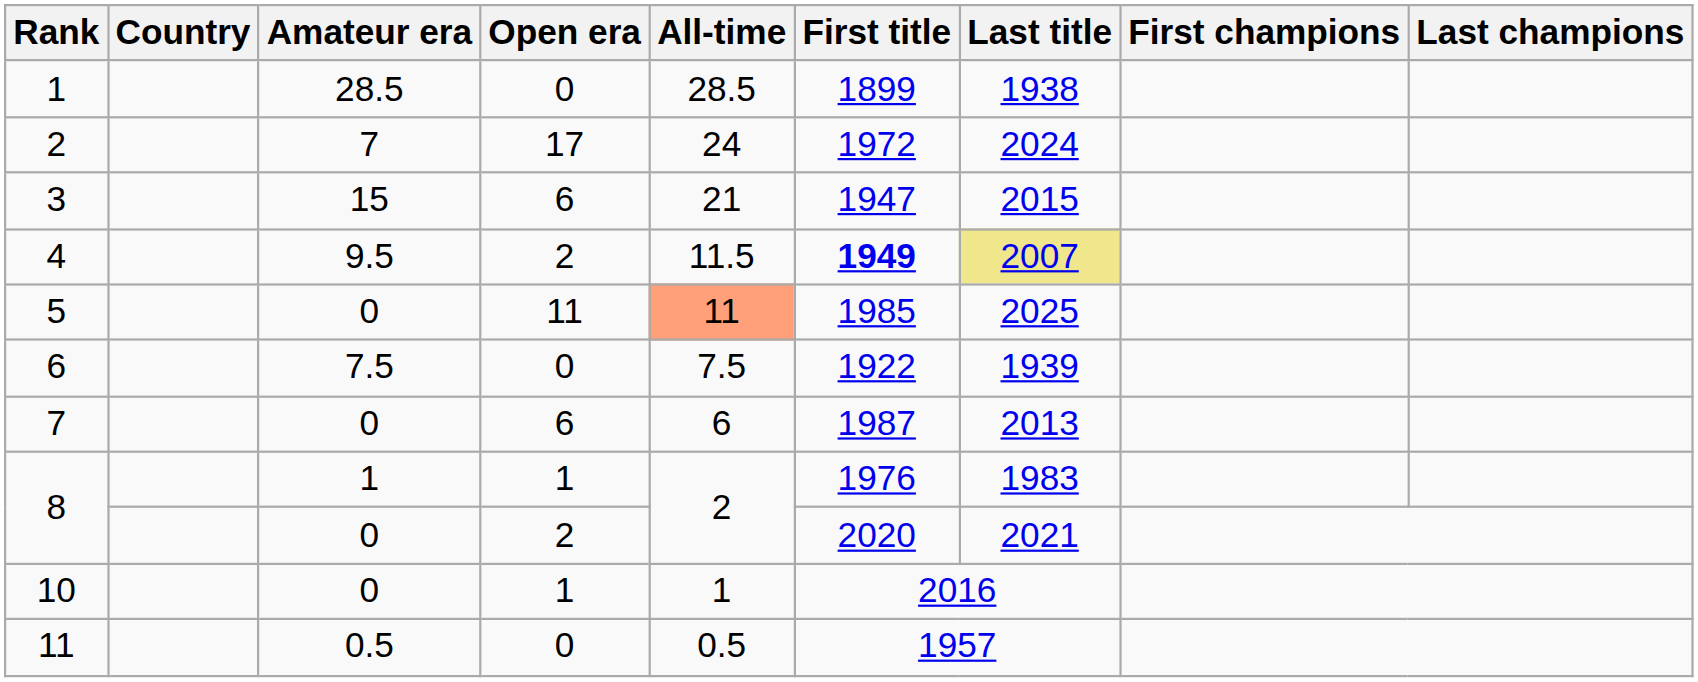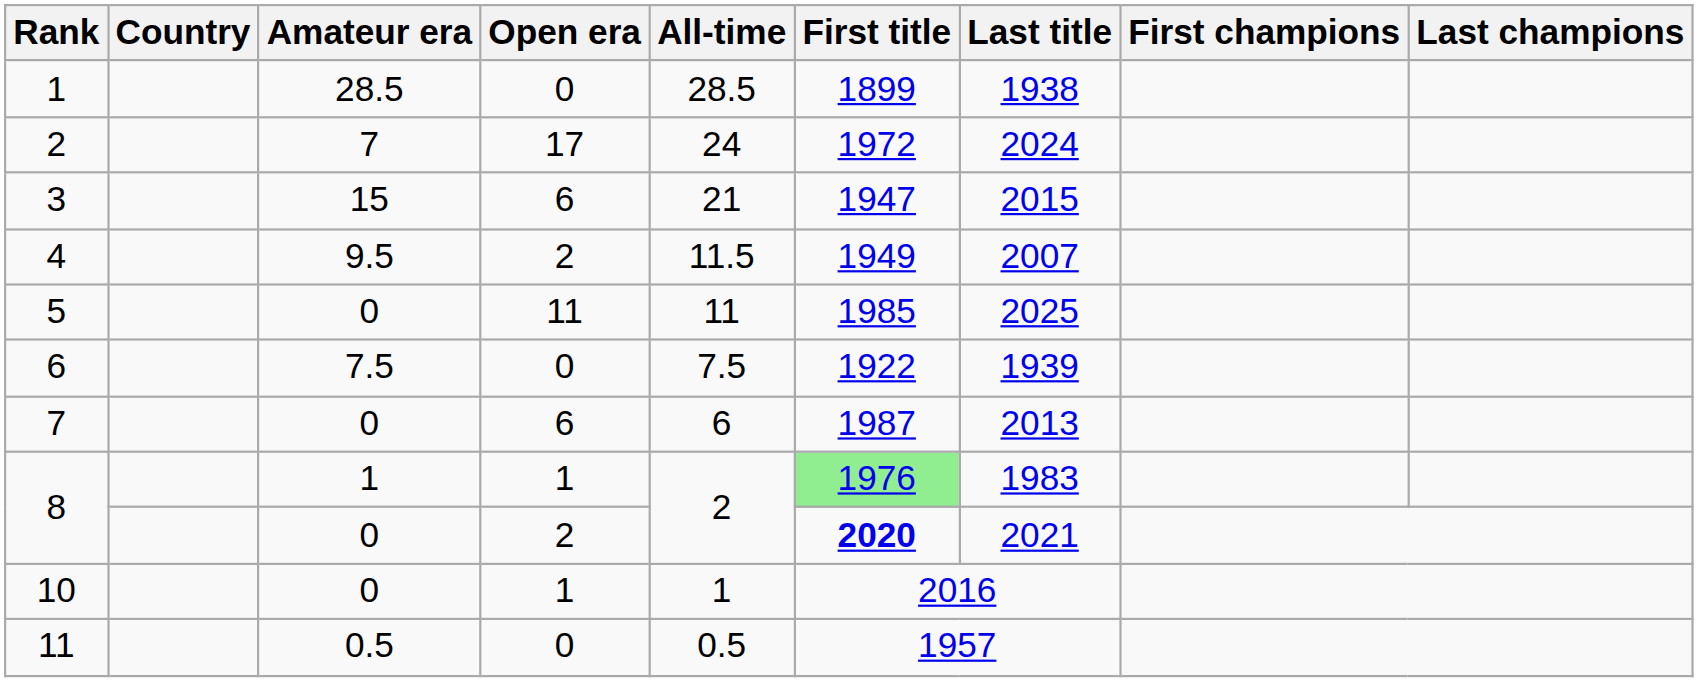 <table class="wikitable sortable">
 <tr>
 <th>Rank</th>
 <th>Country</th>
 <th>Amateur era</th>
 <th>Open era</th>
 <th>All-time</th>
 <th>First title</th>
 <th>Last title</th>
 <th>First champions</th>
 <th>Last champions</th>
 </tr>
 <tr>
 <td align=center>1</td>
 <td></td>
 <td align=center>28.5</td>
 <td align=center>0</td>
 <td align=center>28.5</td>
 <td align=center><a href='#'>1899</a></td>
 <td align=center><a href='#'>1938</a></td>
 <td><br></td>
 <td><br></td>
 </tr>
 <tr>
 <td align=center>2</td>
 <td></td>
 <td align=center>7</td>
 <td align=center>17</td>
 <td align=center>24</td>
 <td align=center><a href='#'>1972</a></td>
 <td align=center><a href='#'>2024</a></td>
 <td><br></td>
 <td><br></td>
 </tr>
 <tr>
 <td align=center>3</td>
 <td></td>
 <td align=center>15</td>
 <td align=center>6</td>
 <td align=center>21</td>
 <td align=center><a href='#'>1947</a></td>
 <td align=center><a href='#'>2015</a></td>
 <td><br></td>
 <td><br></td>
 </tr>
 <tr>
 <td align=center>4</td>
 <td></td>
 <td align=center>9.5</td>
 <td align=center>2</td>
 <td align=center>11.5</td>
-<td align=center><strong><a href='#'>1949</a></strong></td>
-<td align=center style="background: khaki;"><a href='#'>2007</a></td>
+<td align=center><a href='#'>1949</a></td>
+<td align=center><a href='#'>2007</a></td>
 <td><br></td>
 <td><br></td>
 </tr>
 <tr>
 <td align=center>5</td>
 <td></td>
 <td align=center>0</td>
 <td align=center>11</td>
-<td align=center style="background: lightsalmon;">11</td>
+<td align=center>11</td>
 <td align=center><a href='#'>1985</a></td>
 <td align=center><a href='#'>2025</a></td>
 <td><br></td>
 <td><br></td>
 </tr>
 <tr>
 <td align=center>6</td>
 <td></td>
 <td align=center>7.5</td>
 <td align=center>0</td>
 <td align=center>7.5</td>
 <td align=center><a href='#'>1922</a></td>
 <td align=center><a href='#'>1939</a></td>
 <td><br> </td>
 <td><br></td>
 </tr>
 <tr>
 <td align=center>7</td>
 <td></td>
 <td align=center>0</td>
 <td align=center>6</td>
 <td align=center>6</td>
 <td align=center><a href='#'>1987</a></td>
 <td align=center><a href='#'>2013</a></td>
 <td><br></td>
 <td><br></td>
 </tr>
 <tr>
 <td rowspan="2" align=center>8</td>
 <td></td>
 <td align=center>1</td>
 <td align=center>1</td>
 <td rowspan="2" align=center>2</td>
-<td align=center><a href='#'>1976</a></td>
+<td align=center style="background: lightgreen;"><a href='#'>1976</a></td>
 <td align=center><a href='#'>1983</a></td>
 <td><br></td>
 <td><br></td>
 </tr>
 <tr>
 <td></td>
 <td align=center>0</td>
 <td align=center>2</td>
-<td align=center><a href='#'>2020</a></td>
+<td align=center><strong><a href='#'>2020</a></strong></td>
 <td align=center><a href='#'>2021</a></td>
 <td colspan="2" align=center><br></td>
 </tr>
 <tr>
 <td align=center>10</td>
 <td></td>
 <td align=center>0</td>
 <td align=center>1</td>
 <td align=center>1</td>
 <td colspan="2" align=center><a href='#'>2016</a></td>
 <td colspan="2" align=center><br></td>
 </tr>
 <tr>
 <td align=center>11</td>
 <td></td>
 <td align=center>0.5</td>
 <td align=center>0</td>
 <td align=center>0.5</td>
 <td colspan="2" align=center><a href='#'>1957</a></td>
 <td colspan="2" align=center><br> </td>
 </tr>
 </table>
